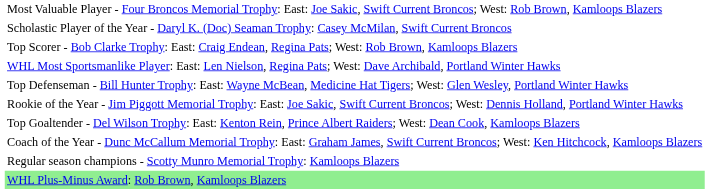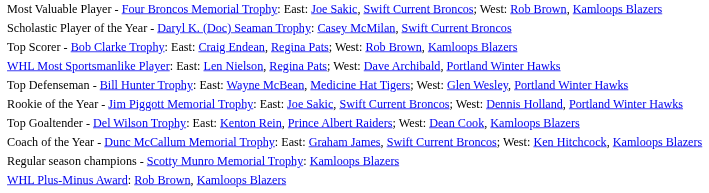 <table cellpadding="3" cellspacing="1">
 <tr>
 <td>Most Valuable Player - <a href='#'>Four Broncos Memorial Trophy</a>: East: <a href='#'>Joe Sakic</a>, <a href='#'>Swift Current Broncos</a>; West: <a href='#'>Rob Brown</a>, <a href='#'>Kamloops Blazers</a></td>
 </tr>
 <tr>
 <td>Scholastic Player of the Year - <a href='#'>Daryl K. (Doc) Seaman Trophy</a>: <a href='#'>Casey McMilan</a>, <a href='#'>Swift Current Broncos</a></td>
 </tr>
 <tr>
 <td>Top Scorer - <a href='#'>Bob Clarke Trophy</a>: East: <a href='#'>Craig Endean</a>, <a href='#'>Regina Pats</a>; West: <a href='#'>Rob Brown</a>, <a href='#'>Kamloops Blazers</a></td>
 </tr>
 <tr>
 <td><a href='#'>WHL Most Sportsmanlike Player</a>: East: <a href='#'>Len Nielson</a>, <a href='#'>Regina Pats</a>; West: <a href='#'>Dave Archibald</a>, <a href='#'>Portland Winter Hawks</a></td>
 </tr>
 <tr>
 <td>Top Defenseman - <a href='#'>Bill Hunter Trophy</a>: East: <a href='#'>Wayne McBean</a>, <a href='#'>Medicine Hat Tigers</a>; West: <a href='#'>Glen Wesley</a>, <a href='#'>Portland Winter Hawks</a></td>
 </tr>
 <tr>
 <td>Rookie of the Year - <a href='#'>Jim Piggott Memorial Trophy</a>: East: <a href='#'>Joe Sakic</a>, <a href='#'>Swift Current Broncos</a>; West: <a href='#'>Dennis Holland</a>, <a href='#'>Portland Winter Hawks</a></td>
 </tr>
 <tr>
 <td>Top Goaltender - <a href='#'>Del Wilson Trophy</a>: East: <a href='#'>Kenton Rein</a>, <a href='#'>Prince Albert Raiders</a>; West: <a href='#'>Dean Cook</a>, <a href='#'>Kamloops Blazers</a></td>
 </tr>
 <tr>
 <td>Coach of the Year - <a href='#'>Dunc McCallum Memorial Trophy</a>: East: <a href='#'>Graham James</a>, <a href='#'>Swift Current Broncos</a>; West: <a href='#'>Ken Hitchcock</a>, <a href='#'>Kamloops Blazers</a></td>
 </tr>
 <tr>
 <td>Regular season champions - <a href='#'>Scotty Munro Memorial Trophy</a>: <a href='#'>Kamloops Blazers</a></td>
 </tr>
 <tr>
-<td style="background: lightgreen;"><a href='#'>WHL Plus-Minus Award</a>: <a href='#'>Rob Brown</a>, <a href='#'>Kamloops Blazers</a></td>
+<td><a href='#'>WHL Plus-Minus Award</a>: <a href='#'>Rob Brown</a>, <a href='#'>Kamloops Blazers</a></td>
 </tr>
 </table>
